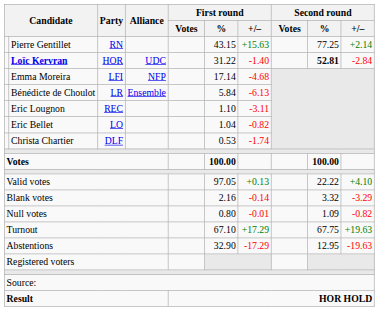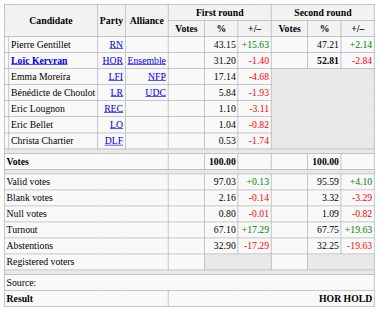 <table class="wikitable" style="text-align:right;font-size:95%;">
 <tr>
 <th rowspan="2" colspan="2">Candidate</th>
 <th colspan="1" rowspan="2">Party</th>
 <th colspan="1" rowspan="2">Alliance</th>
 <th colspan="3">First round</th>
 <th colspan="3">Second round</th>
 </tr>
 <tr>
 <th style="width:50px;">Votes</th>
 <th style="width:45px;">%</th>
 <th style="width:45px;">+/–</th>
 <th style="width:50px;">Votes</th>
 <th style="width:45px;">%</th>
 <th style="width:45px;">+/–</th>
 </tr>
 <tr>
 <td style="color:inherit;background:"></td>
 <td style="text-align:left;">Pierre Gentillet</td>
 <td><a href='#'>RN</a></td>
 <td></td>
 <td></td>
 <td>43.15</td>
 <td style="color:green;">+15.63</td>
 <td></td>
-<td>77.25</td>
+<td>47.21</td>
 <td style="color:green;">+2.14</td>
 </tr>
 <tr>
 <td style="color:inherit;background:"></td>
 <td style="text-align:left;"><strong><a href='#'>Loïc Kervran</a></strong></td>
 <td><a href='#'>HOR</a></td>
-<td><a href='#'>UDC</a></td>
+<td><a href='#'>Ensemble</a></td>
 <td></td>
-<td>31.22</td>
+<td>31.20</td>
 <td style="color:red;">-1.40</td>
 <td><strong></strong></td>
 <td><strong>52.81</strong></td>
 <td style="color:red;">-2.84</td>
 </tr>
 <tr>
 <td style="color:inherit;background:"></td>
 <td style="text-align:left;">Emma Moreira</td>
 <td><a href='#'>LFI</a></td>
 <td><a href='#'>NFP</a></td>
 <td></td>
 <td>17.14</td>
 <td style="color:red;">-4.68</td>
 <td colspan="3" rowspan="5" style="background:#E9E9E9;"></td>
 </tr>
 <tr>
 <td style="color:inherit;background:"></td>
 <td style="text-align:left;">Bénédicte de Choulot</td>
 <td><a href='#'>LR</a></td>
-<td><a href='#'>Ensemble</a></td>
+<td><a href='#'>UDC</a></td>
 <td></td>
 <td>5.84</td>
-<td style="color:red;">-6.13</td>
+<td style="color:red;">-1.93</td>
 </tr>
 <tr>
 <td style="color:inherit;background:"></td>
 <td style="text-align:left;">Eric Lougnon</td>
 <td><a href='#'>REC</a></td>
 <td></td>
 <td></td>
 <td>1.10</td>
 <td style="color:red;">-3.11</td>
 </tr>
 <tr>
 <td style="color:inherit;background:"></td>
 <td style="text-align:left;">Eric Bellet</td>
 <td><a href='#'>LO</a></td>
 <td></td>
 <td></td>
 <td>1.04</td>
 <td style="color:red;">-0.82</td>
 </tr>
 <tr>
 <td style="color:inherit;background:"></td>
 <td style="text-align:left;">Christa Chartier</td>
 <td><a href='#'>DLF</a></td>
 <td></td>
 <td></td>
 <td>0.53</td>
 <td style="color:red;">-1.74</td>
 </tr>
 <tr>
 <td colspan="10" style="background:#E9E9E9;"></td>
 </tr>
 <tr style="font-weight:bold;">
 <td colspan="4" style="text-align:left;">Votes</td>
 <td></td>
 <td>100.00</td>
 <td></td>
 <td></td>
 <td>100.00</td>
 <td></td>
 </tr>
 <tr>
 <td colspan="10" style="background:#E9E9E9;"></td>
 </tr>
 <tr>
 <td colspan="4" style="text-align:left;">Valid votes</td>
 <td></td>
-<td>97.05</td>
+<td>97.03</td>
 <td style="color:green;">+0.13</td>
 <td></td>
-<td>22.22</td>
+<td>95.59</td>
 <td style="color:green;">+4.10</td>
 </tr>
 <tr>
 <td colspan="4" style="text-align:left;">Blank votes</td>
 <td></td>
 <td>2.16</td>
 <td style="color:red;">-0.14</td>
 <td></td>
 <td>3.32</td>
 <td style="color:red;">-3.29</td>
 </tr>
 <tr>
 <td colspan="4" style="text-align:left;">Null votes</td>
 <td></td>
 <td>0.80</td>
 <td style="color:red;">-0.01</td>
 <td></td>
 <td>1.09</td>
 <td style="color:red;">-0.82</td>
 </tr>
 <tr>
 <td colspan="4" style="text-align:left;">Turnout</td>
 <td></td>
 <td>67.10</td>
 <td style="color:green;">+17.29</td>
 <td></td>
 <td>67.75</td>
 <td style="color:green;">+19.63</td>
 </tr>
 <tr>
 <td colspan="4" style="text-align:left;">Abstentions</td>
 <td></td>
 <td>32.90</td>
 <td style="color:red;">-17.29</td>
 <td></td>
-<td>12.95</td>
+<td>32.25</td>
 <td style="color:red;">-19.63</td>
 </tr>
 <tr>
 <td colspan="4" style="text-align:left;">Registered voters</td>
 <td></td>
 <td colspan="2" style="background:#E9E9E9;"></td>
 <td></td>
 <td colspan="2" style="background:#E9E9E9;"></td>
 </tr>
 <tr>
 <td colspan="10" style="background:#E9E9E9;"></td>
 </tr>
 <tr>
 <td colspan="10" style="text-align:left;">Source: </td>
 </tr>
 <tr style="font-weight:bold">
 <td colspan="4" style="text-align:left;">Result</td>
 <td colspan="6" style="background-color:">HOR HOLD</td>
 </tr>
 </table>
